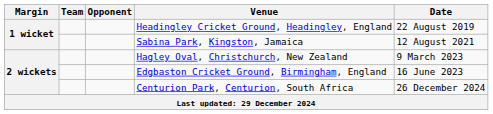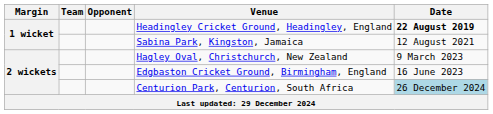 <table class="wikitable sortable">
 <tr>
 <th>Margin</th>
 <th>Team</th>
 <th>Opponent</th>
 <th>Venue</th>
 <th>Date</th>
 </tr>
 <tr>
 <th rowspan=2>1 wicket</th>
 <td></td>
 <td></td>
 <td><a href='#'>Headingley Cricket Ground</a>, <a href='#'>Headingley</a>, England</td>
-<td>22 August 2019</td>
+<td><strong>22 August 2019</strong></td>
 </tr>
 <tr>
 <td></td>
 <td></td>
 <td><a href='#'>Sabina Park</a>, <a href='#'>Kingston</a>, Jamaica</td>
 <td>12 August 2021</td>
 </tr>
 <tr>
 <th rowspan=3>2 wickets</th>
 <td></td>
 <td></td>
 <td><a href='#'>Hagley Oval</a>, <a href='#'>Christchurch</a>, New Zealand</td>
 <td>9 March 2023</td>
 </tr>
 <tr>
 <td></td>
 <td></td>
 <td><a href='#'>Edgbaston Cricket Ground</a>, <a href='#'>Birmingham</a>, England</td>
 <td>16 June 2023</td>
 </tr>
 <tr>
 <td></td>
 <td></td>
 <td><a href='#'>Centurion Park</a>, <a href='#'>Centurion</a>, South Africa</td>
-<td>26 December 2024</td>
+<td style="background: lightblue;">26 December 2024</td>
 </tr>
 <tr>
 <th colspan="6"><small>Last updated: 29 December 2024</small></th>
 </tr>
 </table>
